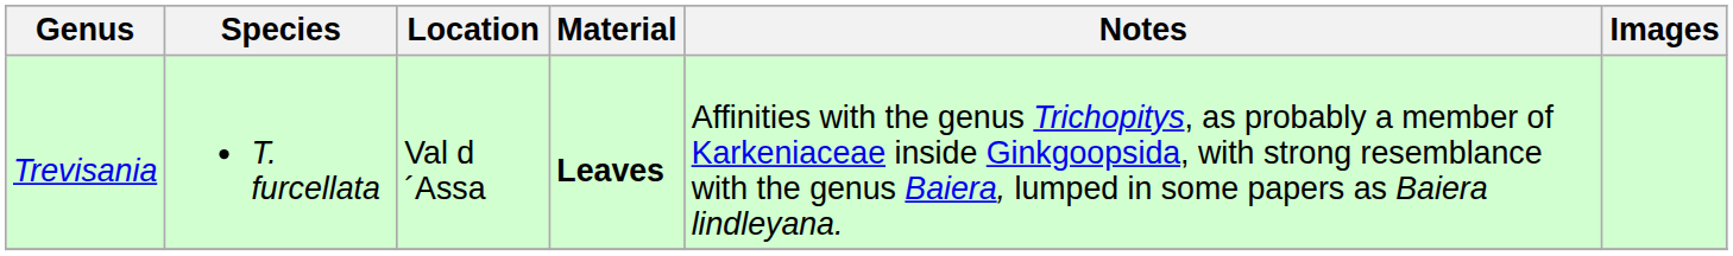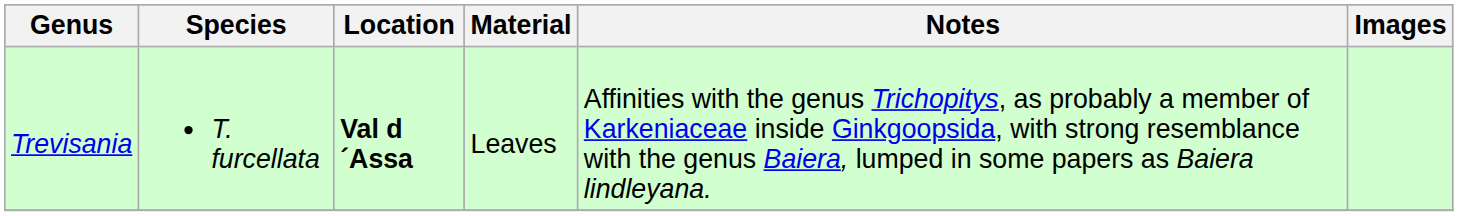 <table class="wikitable sortable">
 <tr>
 <th>Genus</th>
 <th>Species</th>
 <th>Location</th>
 <th>Material</th>
 <th>Notes</th>
 <th>Images</th>
 </tr>
 <tr>
 <td style="background:#D1FFCF;"><br><em><a href='#'>Trevisania</a></em></td>
 <td style="background:#D1FFCF;"><br><ul><li><em>T. furcellata</em></li></ul></td>
-<td style="background:#D1FFCF;"><br>Val d´Assa</td>
-<td style="background:#D1FFCF;"><strong><br>Leaves</strong></td>
+<td style="background:#D1FFCF;"><strong><br>Val d´Assa</strong></td>
+<td style="background:#D1FFCF;"><br>Leaves</td>
 <td style="background:#D1FFCF;"><br>Affinities with the genus <em><a href='#'>Trichopitys</a></em>, as probably a member of <a href='#'>Karkeniaceae</a> inside <a href='#'>Ginkgoopsida</a>, with strong resemblance with the genus <em><a href='#'>Baiera</a>,</em> lumped in some papers as <em>Baiera lindleyana.</em></td>
 <td style="background:#D1FFCF;"><br></td>
 </tr>
 <tr>
 </tr>
 </table>
